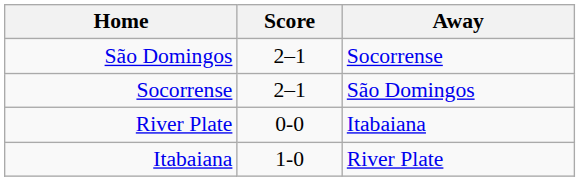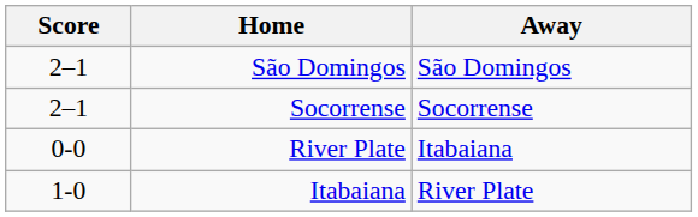 <table class="wikitable" style="text-align: center;">
 <tr>
+<th width=70>Score</th>
 <th width=165>Home</th>
-<th width=70>Score</th>
 <th width=165>Away</th>
 </tr>
 <tr>
+<td>2–1</td>
 <td style="text-align:right;"><a href='#'>São Domingos</a></td>
+<td style="text-align:left;"><a href='#'>São Domingos</a></td>
+</tr>
+<tr>
 <td>2–1</td>
+<td style="text-align:right;"><a href='#'>Socorrense</a></td>
 <td style="text-align:left;"><a href='#'>Socorrense</a></td>
 </tr>
 <tr>
-<td style="text-align:right;"><a href='#'>Socorrense</a></td>
-<td>2–1</td>
-<td style="text-align:left;"><a href='#'>São Domingos</a></td>
-</tr>
-<tr>
+<td>0-0</td>
 <td style="text-align:right;"><a href='#'>River Plate</a></td>
-<td>0-0</td>
 <td style="text-align:left;"><a href='#'>Itabaiana</a></td>
 </tr>
 <tr>
+<td>1-0</td>
 <td style="text-align:right;"><a href='#'>Itabaiana</a></td>
-<td>1-0</td>
 <td style="text-align:left;"><a href='#'>River Plate</a></td>
 </tr>
 </table>
